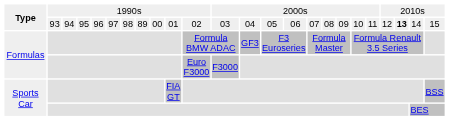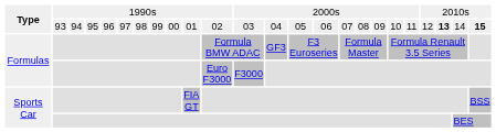 <table style="margin: 0.5em auto; clear: both; font-size:80%;" class="toccolours">
 <tr>
 <td align=center rowspan=2 width=80 style="background:#EFEFEF;"><strong>Type</strong></td>
 <td align=center colspan=10 style="background:#EFEFEF;">1990s</td>
 <td align=center colspan= 9 style="background:#EFEFEF;">2000s</td>
 <td align=center colspan= 9 style="background:#EFEFEF;">2010s</td>
 </tr>
 <tr align=center style="background:#EFEFEF;">
 <td width=30>93</td>
 <td width=30>94</td>
 <td width=30>95</td>
 <td width=30>96</td>
 <td width=30>97</td>
 <td width=30>98</td>
-<td width=30>89</td>
+<td width=30>99</td>
 <td width=30>00</td>
 <td width=30>01</td>
 <td width=30>02</td>
 <td width=30>03</td>
 <td width=30>04</td>
 <td width=30>05</td>
 <td width=30>06</td>
 <td width=30>07</td>
 <td width=30>08</td>
 <td width=30>09</td>
 <td width=30>10</td>
 <td width=30>11</td>
 <td width=30>12</td>
 <td width=30><strong>13</strong></td>
 <td width=30>14</td>
-<td width=30>15</td>
+<td width=30><strong>15</strong></td>
 </tr>
 <tr align=center>
 <td style="background:#EFEFEF;" rowspan=2><a href='#'>Formulas</a></td>
 <td colspan= 9 style="background:#E0E0E0;"></td>
 <td colspan= 2 style="background:#C0C0C0;"><a href='#'>Formula BMW ADAC</a></td>
 <td style="background:#C0C0C0;"><a href='#'>GF3</a></td>
 <td colspan= 2 style="background:#C0C0C0;"><a href='#'>F3 Euroseries</a></td>
 <td colspan= 3 style="background:#C0C0C0;"><a href='#'>Formula Master</a></td>
 <td colspan= 5 style="background:#C0C0C0;"><a href='#'>Formula Renault 3.5 Series</a></td>
 <td style="background:#E0E0E0;"></td>
 </tr>
 <tr align=center>
 <td colspan= 9 style="background:#E0E0E0;"></td>
 <td style="background:#C0C0C0;"><a href='#'>Euro F3000</a></td>
 <td style="background:#C0C0C0;"><a href='#'>F3000</a></td>
 <td colspan= 12 style="background:#E0E0E0;"></td>
 </tr>
 <tr align=center>
 <td style="background:#EFEFEF;" rowspan=2><a href='#'>Sports Car</a></td>
 <td colspan= 8 style="background:#E0E0E0;"></td>
 <td style="background:#C0C0C0;"><a href='#'>FIA GT</a></td>
 <td colspan= 13 style="background:#E0E0E0;"></td>
 <td colspan= 1 style="background:#C0C0C0;"><a href='#'>BSS</a></td>
 </tr>
 <tr>
 <td colspan= 21 style="background:#E0E0E0;"></td>
 <td colspan= 2 style="background:#C0C0C0;"><a href='#'>BES</a></td>
 </tr>
 </table>
